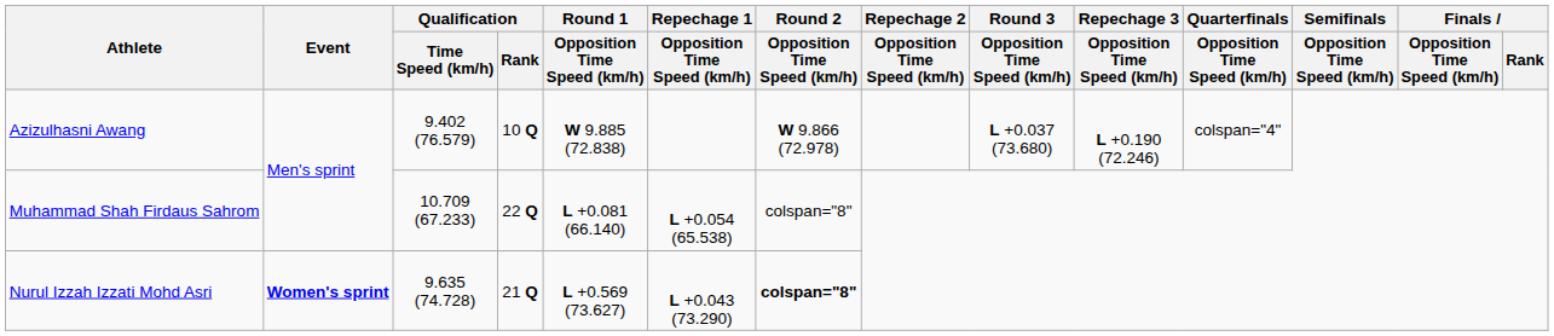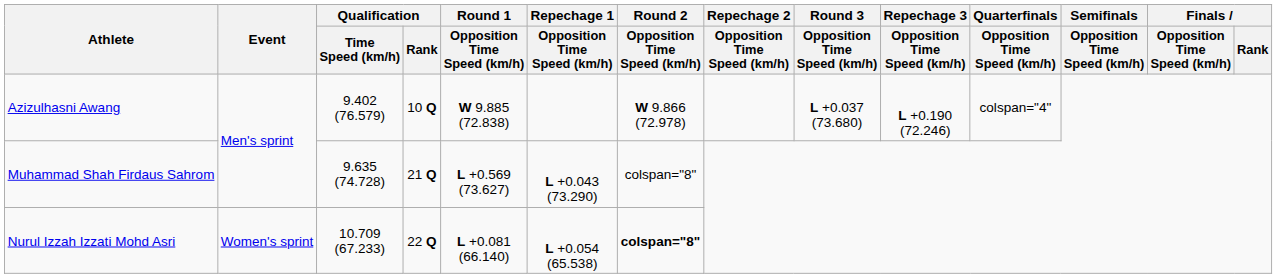 <table class=wikitable style=font-size:90%;text-align:center>
 <tr>
 <th rowspan=2>Athlete</th>
 <th rowspan=2>Event</th>
 <th colspan=2>Qualification</th>
 <th>Round 1</th>
 <th>Repechage 1</th>
 <th>Round 2</th>
 <th>Repechage 2</th>
 <th>Round 3</th>
 <th>Repechage 3</th>
 <th>Quarterfinals</th>
 <th>Semifinals</th>
 <th colspan=2>Finals / </th>
 </tr>
 <tr style=font-size:95%>
 <th>Time<br>Speed (km/h)</th>
 <th>Rank</th>
 <th>Opposition<br>Time<br>Speed (km/h)</th>
 <th>Opposition<br>Time<br>Speed (km/h)</th>
 <th>Opposition<br>Time<br>Speed (km/h)</th>
 <th>Opposition<br>Time<br>Speed (km/h)</th>
 <th>Opposition<br>Time<br>Speed (km/h)</th>
 <th>Opposition<br>Time<br>Speed (km/h)</th>
 <th>Opposition<br>Time<br>Speed (km/h)</th>
 <th>Opposition<br>Time<br>Speed (km/h)</th>
 <th>Opposition<br>Time<br>Speed (km/h)</th>
 <th>Rank</th>
 </tr>
 <tr>
 <td align=left><a href='#'>Azizulhasni Awang</a></td>
 <td align=left rowspan=2><a href='#'>Men's sprint</a></td>
 <td>9.402 <strong></strong><br>(76.579)</td>
 <td>10 <strong>Q</strong></td>
 <td><br><strong>W</strong> 9.885<br>(72.838)</td>
 <td></td>
 <td><br><strong>W</strong> 9.866<br>(72.978)</td>
 <td></td>
 <td><br><strong>L</strong> +0.037<br>(73.680)</td>
 <td><br><br><strong>L</strong> +0.190<br>(72.246)</td>
 <td>colspan="4" </td>
 </tr>
 <tr>
 <td align=left><a href='#'>Muhammad Shah Firdaus Sahrom</a></td>
+<td>9.635<br>(74.728)</td>
+<td>21 <strong>Q</strong></td>
+<td><br><strong>L</strong> +0.569<br>(73.627)</td>
+<td><br><br><strong>L</strong> +0.043<br>(73.290)</td>
+<td>colspan="8" </td>
+</tr>
+<tr>
+<td align=left><a href='#'>Nurul Izzah Izzati Mohd Asri</a></td>
+<td align=left><a href='#'>Women's sprint</a></td>
 <td>10.709<br>(67.233)</td>
 <td>22 <strong>Q</strong></td>
 <td><br><strong>L</strong> +0.081<br>(66.140)</td>
 <td><br><br><strong>L</strong> +0.054<br>(65.538)</td>
-<td>colspan="8" </td>
-</tr>
-<tr>
-<td align=left><a href='#'>Nurul Izzah Izzati Mohd Asri</a></td>
-<td align=left><strong><a href='#'>Women's sprint</a></strong></td>
-<td>9.635<br>(74.728)</td>
-<td>21 <strong>Q</strong></td>
-<td><br><strong>L</strong> +0.569<br>(73.627)</td>
-<td><br><br><strong>L</strong> +0.043<br>(73.290)</td>
 <td><strong>colspan="8" </strong></td>
 </tr>
 </table>
